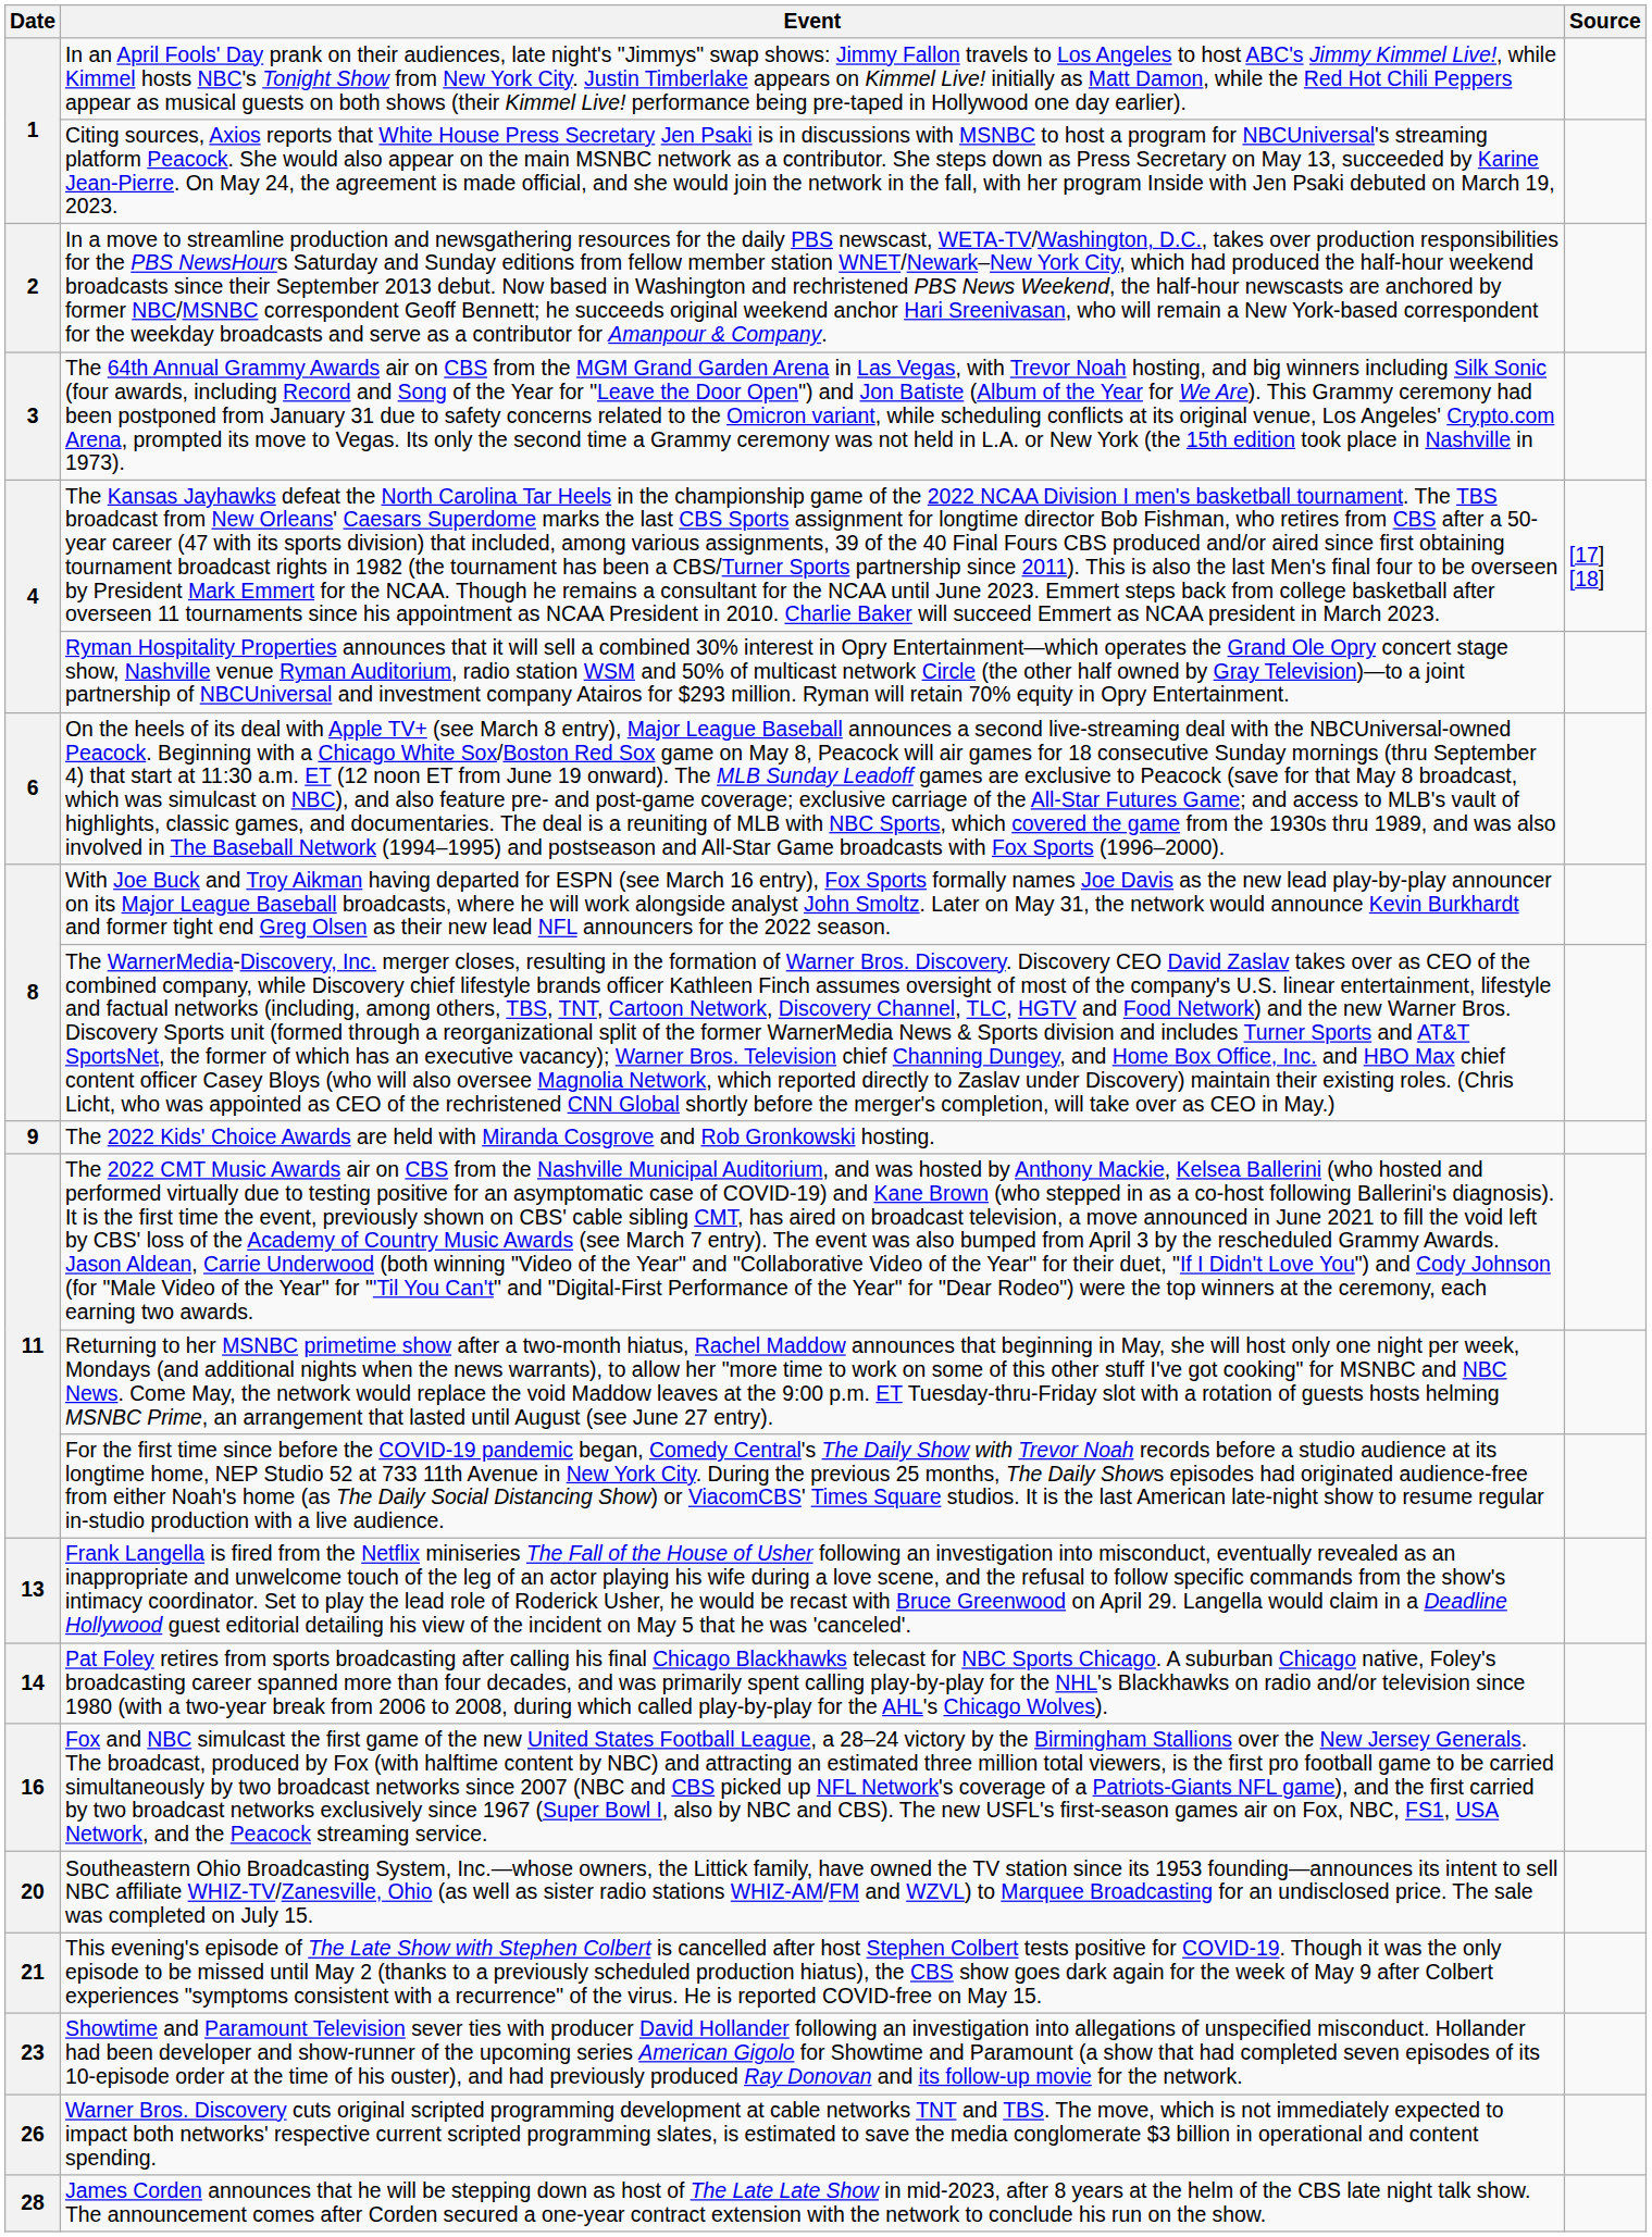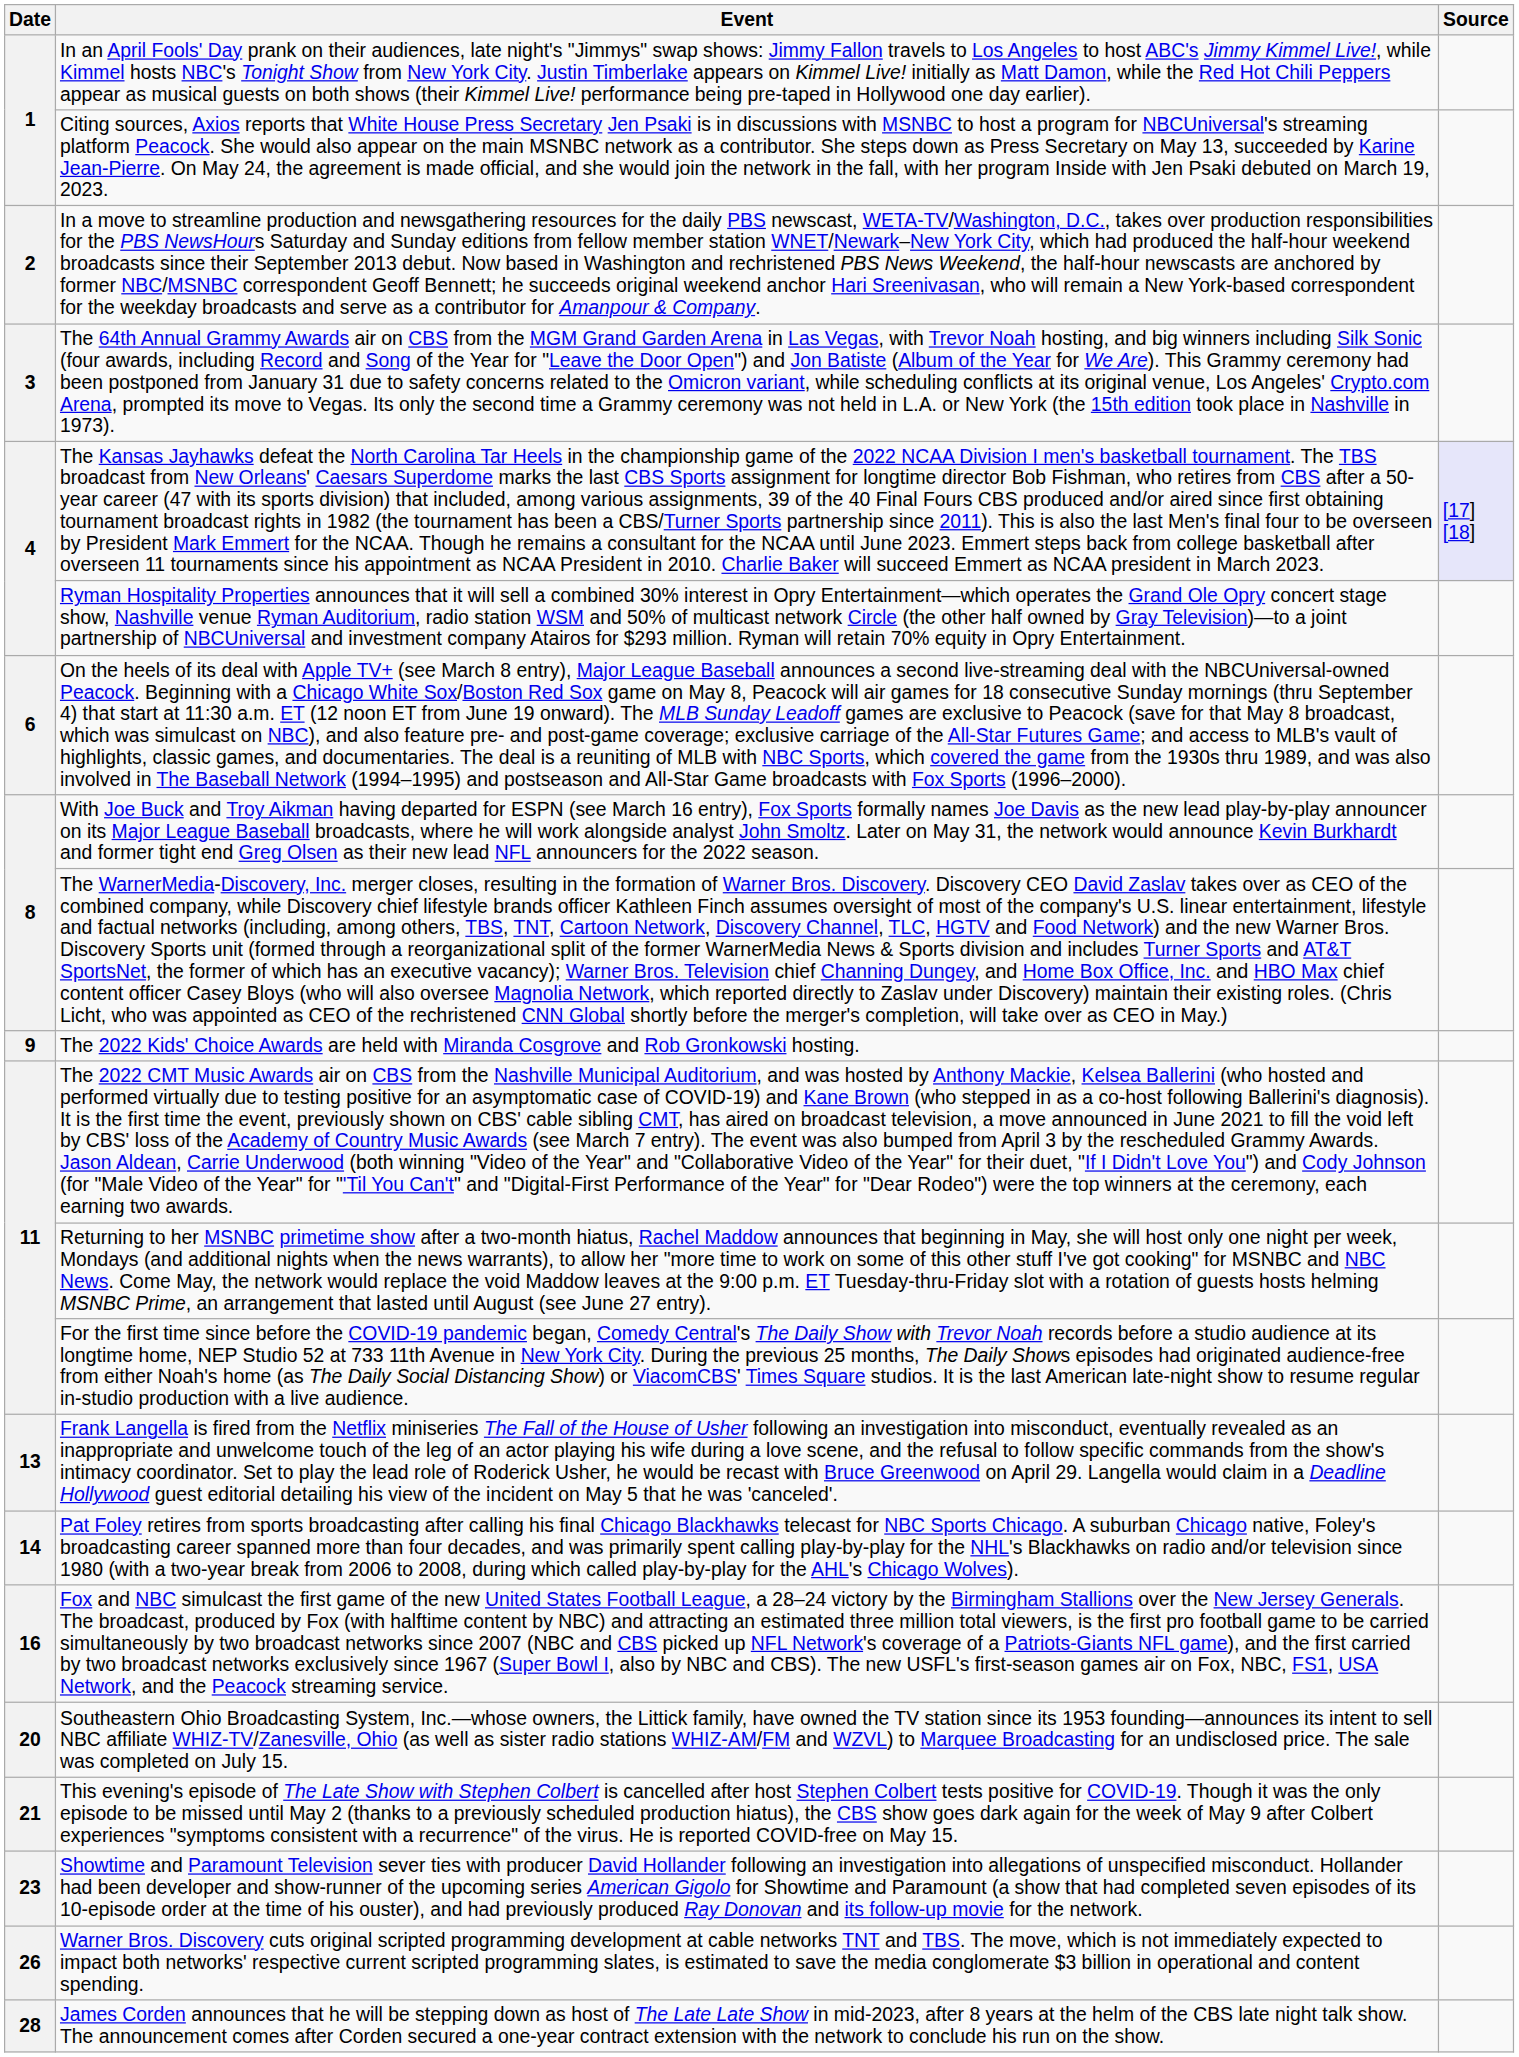 <table class=wikitable>
 <tr>
 <th>Date</th>
 <th>Event</th>
 <th>Source</th>
 </tr>
 <tr>
 <th rowspan="2">1</th>
 <td>In an <a href='#'>April Fools' Day</a> prank on their audiences, late night's "Jimmys" swap shows: <a href='#'>Jimmy Fallon</a> travels to <a href='#'>Los Angeles</a> to host <a href='#'>ABC's</a> <em><a href='#'>Jimmy Kimmel Live!</a></em>, while <a href='#'>Kimmel</a> hosts <a href='#'>NBC</a>'s <em><a href='#'>Tonight Show</a></em> from <a href='#'>New York City</a>. <a href='#'>Justin Timberlake</a> appears on <em>Kimmel Live!</em> initially as <a href='#'>Matt Damon</a>, while the <a href='#'>Red Hot Chili Peppers</a> appear as musical guests on both shows (their <em>Kimmel Live!</em> performance being pre-taped in Hollywood one day earlier).</td>
 <td></td>
 </tr>
 <tr>
 <td>Citing sources, <a href='#'>Axios</a> reports that <a href='#'>White House Press Secretary</a> <a href='#'>Jen Psaki</a> is in discussions with <a href='#'>MSNBC</a> to host a program for <a href='#'>NBCUniversal</a>'s streaming platform <a href='#'>Peacock</a>. She would also appear on the main MSNBC network as a contributor. She steps down as Press Secretary on May 13, succeeded by <a href='#'>Karine Jean-Pierre</a>. On May 24, the agreement is made official, and she would join the network in the fall, with her program Inside with Jen Psaki debuted on March 19, 2023.</td>
 <td><br></td>
 </tr>
 <tr>
 <th>2</th>
 <td>In a move to streamline production and newsgathering resources for the daily <a href='#'>PBS</a> newscast, <a href='#'>WETA-TV</a>/<a href='#'>Washington, D.C.</a>, takes over production responsibilities for the <em><a href='#'>PBS NewsHour</a></em>s Saturday and Sunday editions from fellow member station <a href='#'>WNET</a>/<a href='#'>Newark</a>–<a href='#'>New York City</a>, which had produced the half-hour weekend broadcasts since their September 2013 debut. Now based in Washington and rechristened <em>PBS News Weekend</em>, the half-hour newscasts are anchored by former <a href='#'>NBC</a>/<a href='#'>MSNBC</a> correspondent Geoff Bennett; he succeeds original weekend anchor <a href='#'>Hari Sreenivasan</a>, who will remain a New York-based correspondent for the weekday broadcasts and serve as a contributor for <em><a href='#'>Amanpour & Company</a></em>.</td>
 <td></td>
 </tr>
 <tr>
 <th>3</th>
 <td>The <a href='#'>64th Annual Grammy Awards</a> air on <a href='#'>CBS</a> from the <a href='#'>MGM Grand Garden Arena</a> in <a href='#'>Las Vegas</a>, with <a href='#'>Trevor Noah</a> hosting, and big winners including <a href='#'>Silk Sonic</a> (four awards, including <a href='#'>Record</a> and <a href='#'>Song</a> of the Year for "<a href='#'>Leave the Door Open</a>") and <a href='#'>Jon Batiste</a> (<a href='#'>Album of the Year</a> for <em><a href='#'>We Are</a></em>). This Grammy ceremony had been postponed from January 31 due to safety concerns related to the <a href='#'>Omicron variant</a>, while scheduling conflicts at its original venue, Los Angeles' <a href='#'>Crypto.com Arena</a>, prompted its move to Vegas. Its only the second time a Grammy ceremony was not held in L.A. or New York (the <a href='#'>15th edition</a> took place in <a href='#'>Nashville</a> in 1973).</td>
 <td><br></td>
 </tr>
 <tr>
 <th rowspan="2">4</th>
 <td>The <a href='#'>Kansas Jayhawks</a> defeat the <a href='#'>North Carolina Tar Heels</a> in the championship game of the <a href='#'>2022 NCAA Division I men's basketball tournament</a>. The <a href='#'>TBS</a> broadcast from <a href='#'>New Orleans</a>' <a href='#'>Caesars Superdome</a> marks the last <a href='#'>CBS Sports</a> assignment for longtime director Bob Fishman, who retires from <a href='#'>CBS</a> after a 50-year career (47 with its sports division) that included, among various assignments, 39 of the 40 Final Fours CBS produced and/or aired since first obtaining tournament broadcast rights in 1982 (the tournament has been a CBS/<a href='#'>Turner Sports</a> partnership since <a href='#'>2011</a>). This  is also the last Men's final four to be overseen by President <a href='#'>Mark Emmert</a> for the NCAA. Though he remains a consultant for the NCAA until June 2023.  Emmert steps back from college basketball after overseen 11 tournaments since his appointment as NCAA President in 2010.  <a href='#'>Charlie Baker</a> will succeed Emmert as NCAA president in March 2023.</td>
-<td><br> <a href='#'>[17</a>] <a href='#'>[18</a>]</td>
+<td style="background: lavender;"><br> <a href='#'>[17</a>] <a href='#'>[18</a>]</td>
 </tr>
 <tr>
 <td><a href='#'>Ryman Hospitality Properties</a> announces that it will sell a combined 30% interest in Opry Entertainment—which operates the <a href='#'>Grand Ole Opry</a> concert stage show, <a href='#'>Nashville</a> venue <a href='#'>Ryman Auditorium</a>, radio station <a href='#'>WSM</a> and 50% of multicast network <a href='#'>Circle</a> (the other half owned by <a href='#'>Gray Television</a>)—to a joint partnership of <a href='#'>NBCUniversal</a> and investment company Atairos for $293 million. Ryman will retain 70% equity in Opry Entertainment.</td>
 <td></td>
 </tr>
 <tr>
 <th>6</th>
 <td>On the heels of its deal with <a href='#'>Apple TV+</a> (see March 8 entry), <a href='#'>Major League Baseball</a> announces a second live-streaming deal with the NBCUniversal-owned <a href='#'>Peacock</a>. Beginning with a <a href='#'>Chicago White Sox</a>/<a href='#'>Boston Red Sox</a> game on May 8, Peacock will air games for 18 consecutive Sunday mornings (thru September 4) that start at 11:30 a.m. <a href='#'>ET</a> (12 noon ET from June 19 onward). The <em><a href='#'>MLB Sunday Leadoff</a></em> games are exclusive to Peacock (save for that May 8 broadcast, which was simulcast on <a href='#'>NBC</a>), and also feature pre- and post-game coverage; exclusive carriage of the <a href='#'>All-Star Futures Game</a>; and access to MLB's vault of highlights, classic games, and documentaries. The deal is a reuniting of MLB with <a href='#'>NBC Sports</a>, which <a href='#'>covered the game</a> from the 1930s thru 1989, and was also involved in <a href='#'>The Baseball Network</a> (1994–1995) and postseason and All-Star Game broadcasts with <a href='#'>Fox Sports</a> (1996–2000).</td>
 <td></td>
 </tr>
 <tr>
 <th rowspan=2>8</th>
 <td>With <a href='#'>Joe Buck</a> and <a href='#'>Troy Aikman</a> having departed for ESPN (see March 16 entry), <a href='#'>Fox Sports</a> formally names <a href='#'>Joe Davis</a> as the new lead play-by-play announcer on its <a href='#'>Major League Baseball</a> broadcasts, where he will work alongside analyst <a href='#'>John Smoltz</a>. Later on May 31, the network would announce <a href='#'>Kevin Burkhardt</a> and former tight end <a href='#'>Greg Olsen</a> as their new lead <a href='#'>NFL</a> announcers for the 2022 season.</td>
 <td></td>
 </tr>
 <tr>
 <td>The <a href='#'>WarnerMedia</a>-<a href='#'>Discovery, Inc.</a> merger closes, resulting in the formation of <a href='#'>Warner Bros. Discovery</a>. Discovery CEO <a href='#'>David Zaslav</a> takes over as CEO of the combined company, while Discovery chief lifestyle brands officer Kathleen Finch assumes oversight of most of the company's U.S. linear entertainment, lifestyle and factual networks (including, among others, <a href='#'>TBS</a>, <a href='#'>TNT</a>, <a href='#'>Cartoon Network</a>, <a href='#'>Discovery Channel</a>, <a href='#'>TLC</a>, <a href='#'>HGTV</a> and <a href='#'>Food Network</a>) and the new Warner Bros. Discovery Sports unit (formed through a reorganizational split of the former WarnerMedia News & Sports division and includes <a href='#'>Turner Sports</a> and <a href='#'>AT&T SportsNet</a>, the former of which has an executive vacancy); <a href='#'>Warner Bros. Television</a> chief <a href='#'>Channing Dungey</a>, and <a href='#'>Home Box Office, Inc.</a> and <a href='#'>HBO Max</a> chief content officer Casey Bloys (who will also oversee <a href='#'>Magnolia Network</a>, which reported directly to Zaslav under Discovery) maintain their existing roles. (Chris Licht, who was appointed as CEO of the rechristened <a href='#'>CNN Global</a> shortly before the merger's completion, will take over as CEO in May.)</td>
 <td></td>
 </tr>
 <tr>
 <th>9</th>
 <td>The <a href='#'>2022 Kids' Choice Awards</a> are held with <a href='#'>Miranda Cosgrove</a> and <a href='#'>Rob Gronkowski</a> hosting.</td>
 <td></td>
 </tr>
 <tr>
 <th rowspan=3>11</th>
 <td>The <a href='#'>2022 CMT Music Awards</a> air on <a href='#'>CBS</a> from the <a href='#'>Nashville Municipal Auditorium</a>, and was hosted by <a href='#'>Anthony Mackie</a>, <a href='#'>Kelsea Ballerini</a> (who hosted and performed virtually due to testing positive for an asymptomatic case of COVID-19) and <a href='#'>Kane Brown</a> (who stepped in as a co-host following Ballerini's diagnosis). It is the first time the event, previously shown on CBS' cable sibling <a href='#'>CMT</a>, has aired on broadcast television, a move announced in June 2021 to fill the void left by CBS' loss of the <a href='#'>Academy of Country Music Awards</a> (see March 7 entry). The event was also bumped from April 3 by the rescheduled Grammy Awards. <a href='#'>Jason Aldean</a>, <a href='#'>Carrie Underwood</a> (both winning "Video of the Year" and "Collaborative Video of the Year" for their duet, "<a href='#'>If I Didn't Love You</a>") and <a href='#'>Cody Johnson</a> (for "Male Video of the Year" for "<a href='#'>'Til You Can't</a>" and "Digital-First Performance of the Year" for "Dear Rodeo") were the top winners at the ceremony, each earning two awards.</td>
 <td><br></td>
 </tr>
 <tr>
 <td>Returning to her <a href='#'>MSNBC</a> <a href='#'>primetime show</a> after a two-month hiatus, <a href='#'>Rachel Maddow</a> announces that beginning in May, she will host only one night per week, Mondays (and additional nights when the news warrants), to allow her "more time to work on some of this other stuff I've got cooking" for MSNBC and <a href='#'>NBC News</a>. Come May, the network would replace the void Maddow leaves at the 9:00 p.m. <a href='#'>ET</a> Tuesday-thru-Friday slot with a rotation of guests hosts helming <em>MSNBC Prime</em>, an arrangement that lasted until August (see June 27 entry).</td>
 <td></td>
 </tr>
 <tr>
 <td>For the first time since before the <a href='#'>COVID-19 pandemic</a> began, <a href='#'>Comedy Central</a>'s <em><a href='#'>The Daily Show</a> with <a href='#'>Trevor Noah</a></em> records before a studio audience at its longtime home, NEP Studio 52 at 733 11th Avenue in <a href='#'>New York City</a>. During the previous 25 months, <em>The Daily Show</em>s episodes had originated audience-free from either Noah's home (as <em>The Daily Social Distancing Show</em>) or <a href='#'>ViacomCBS</a>' <a href='#'>Times Square</a> studios. It is the last American late-night show to resume regular in-studio production with a live audience.</td>
 <td></td>
 </tr>
 <tr>
 <th>13</th>
 <td><a href='#'>Frank Langella</a> is fired from the <a href='#'>Netflix</a> miniseries <em><a href='#'>The Fall of the House of Usher</a></em> following an investigation into misconduct, eventually revealed as an inappropriate and unwelcome touch of the leg of an actor playing his wife during a love scene, and the refusal to follow specific commands from the show's intimacy coordinator. Set to play the lead role of Roderick Usher, he would be recast with <a href='#'>Bruce Greenwood</a> on April 29. Langella would claim in a <em><a href='#'>Deadline Hollywood</a></em> guest editorial detailing his view of the incident on May 5 that he was 'canceled'.</td>
 <td><br></td>
 </tr>
 <tr>
 <th>14</th>
 <td><a href='#'>Pat Foley</a> retires from sports broadcasting after calling his final <a href='#'>Chicago Blackhawks</a> telecast for <a href='#'>NBC Sports Chicago</a>. A suburban <a href='#'>Chicago</a> native, Foley's broadcasting career spanned more than four decades, and was primarily spent calling play-by-play for the <a href='#'>NHL</a>'s Blackhawks on radio and/or television since 1980 (with a two-year break from 2006 to 2008, during which called play-by-play for the <a href='#'>AHL</a>'s <a href='#'>Chicago Wolves</a>).</td>
 <td></td>
 </tr>
 <tr>
 <th>16</th>
 <td><a href='#'>Fox</a> and <a href='#'>NBC</a> simulcast the first game of the new <a href='#'>United States Football League</a>, a 28–24 victory by the <a href='#'>Birmingham Stallions</a> over the <a href='#'>New Jersey Generals</a>. The broadcast, produced by Fox (with halftime content by NBC) and attracting an estimated three million total viewers, is the first pro football game to be carried simultaneously by two broadcast networks since 2007 (NBC and <a href='#'>CBS</a> picked up <a href='#'>NFL Network</a>'s coverage of a <a href='#'>Patriots-Giants NFL game</a>), and the first carried by two broadcast networks exclusively since 1967 (<a href='#'>Super Bowl I</a>, also by NBC and CBS). The new USFL's first-season games air on Fox, NBC, <a href='#'>FS1</a>, <a href='#'>USA Network</a>, and the <a href='#'>Peacock</a> streaming service.</td>
 <td><br></td>
 </tr>
 <tr>
 <th>20</th>
 <td>Southeastern Ohio Broadcasting System, Inc.—whose owners, the Littick family, have owned the TV station since its 1953 founding—announces its intent to sell NBC affiliate <a href='#'>WHIZ-TV</a>/<a href='#'>Zanesville, Ohio</a> (as well as sister radio stations <a href='#'>WHIZ-AM</a>/<a href='#'>FM</a> and <a href='#'>WZVL</a>) to <a href='#'>Marquee Broadcasting</a> for an undisclosed price. The sale was completed on July 15.</td>
 <td><br></td>
 </tr>
 <tr>
 <th>21</th>
 <td>This evening's episode of <em><a href='#'>The Late Show with Stephen Colbert</a></em> is cancelled after host <a href='#'>Stephen Colbert</a> tests positive for <a href='#'>COVID-19</a>. Though it was the only episode to be missed until May 2 (thanks to a previously scheduled production hiatus), the <a href='#'>CBS</a> show goes dark again for the week of May 9 after Colbert experiences "symptoms consistent with a recurrence" of the virus. He is reported COVID-free on May 15.</td>
 <td><br></td>
 </tr>
 <tr>
 <th>23</th>
 <td><a href='#'>Showtime</a> and <a href='#'>Paramount Television</a> sever ties with producer <a href='#'>David Hollander</a> following an investigation into allegations of unspecified misconduct. Hollander had been developer and show-runner of the upcoming series <em><a href='#'>American Gigolo</a></em> for Showtime and Paramount (a show that had completed seven episodes of its 10-episode order at the time of his ouster), and had previously produced <em><a href='#'>Ray Donovan</a></em> and <a href='#'>its follow-up movie</a> for the network.</td>
 <td></td>
 </tr>
 <tr>
 <th>26</th>
 <td><a href='#'>Warner Bros. Discovery</a> cuts original scripted programming development at cable networks <a href='#'>TNT</a> and <a href='#'>TBS</a>. The move, which is not immediately expected to impact both networks' respective current scripted programming slates, is estimated to save the media conglomerate $3 billion in operational and content spending.</td>
 <td></td>
 </tr>
 <tr>
 <th>28</th>
 <td><a href='#'>James Corden</a> announces that he will be stepping down as host of <em><a href='#'>The Late Late Show</a></em> in mid-2023, after 8 years at the helm of the CBS late night talk show. The announcement comes after Corden secured a one-year contract extension with the network to conclude his run on the show.</td>
 <td></td>
 </tr>
 </table>
